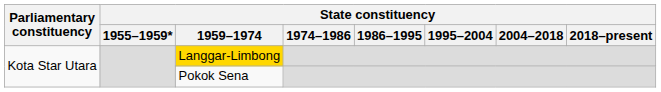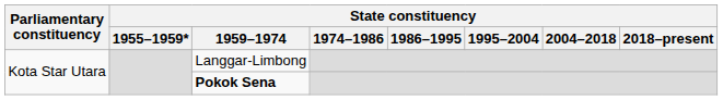 <table class="wikitable">
 <tr>
 <th rowspan="2">Parliamentary<br>constituency</th>
 <th colspan="7">State constituency</th>
 </tr>
 <tr>
 <th>1955–1959*</th>
 <th>1959–1974</th>
 <th>1974–1986</th>
 <th>1986–1995</th>
 <th>1995–2004</th>
 <th>2004–2018</th>
 <th>2018–present</th>
 </tr>
 <tr>
 <td rowspan="2">Kota Star Utara</td>
 <td rowspan="2" bgcolor="dcdcdc"></td>
-<td style="background: gold;">Langgar-Limbong</td>
+<td>Langgar-Limbong</td>
 <td colspan="5" bgcolor="dcdcdc"></td>
 </tr>
 <tr>
-<td>Pokok Sena</td>
+<td><strong>Pokok Sena</strong></td>
 <td colspan="5" bgcolor="dcdcdc"></td>
 </tr>
 </table>
